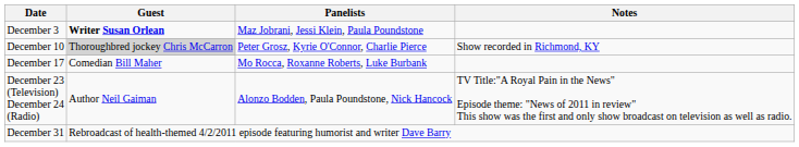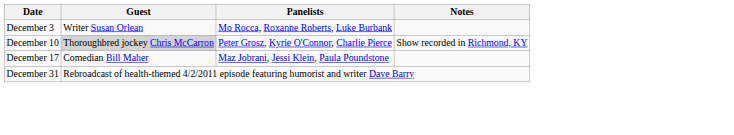 <table class="wikitable">
 <tr>
 <th>Date</th>
 <th>Guest</th>
 <th>Panelists</th>
 <th>Notes</th>
 </tr>
 <tr>
 <td>December 3</td>
-<td><strong>Writer <a href='#'>Susan Orlean</a></strong></td>
-<td><a href='#'>Maz Jobrani</a>, <a href='#'>Jessi Klein</a>, <a href='#'>Paula Poundstone</a></td>
+<td>Writer <a href='#'>Susan Orlean</a></td>
+<td><a href='#'>Mo Rocca</a>, <a href='#'>Roxanne Roberts</a>, <a href='#'>Luke Burbank</a></td>
 <td></td>
 </tr>
 <tr>
 <td>December 10</td>
 <td style="background: lightgrey;">Thoroughbred jockey <a href='#'>Chris McCarron</a></td>
 <td><a href='#'>Peter Grosz</a>, <a href='#'>Kyrie O'Connor</a>, <a href='#'>Charlie Pierce</a></td>
 <td>Show recorded in <a href='#'>Richmond, KY</a></td>
 </tr>
 <tr>
 <td>December 17</td>
 <td>Comedian <a href='#'>Bill Maher</a></td>
-<td><a href='#'>Mo Rocca</a>, <a href='#'>Roxanne Roberts</a>, <a href='#'>Luke Burbank</a></td>
+<td><a href='#'>Maz Jobrani</a>, <a href='#'>Jessi Klein</a>, <a href='#'>Paula Poundstone</a></td>
 <td></td>
-</tr>
-<tr>
-<td>December 23<br>(Television)<br>December 24<br>(Radio)</td>
-<td>Author <a href='#'>Neil Gaiman</a></td>
-<td><a href='#'>Alonzo Bodden</a>, Paula Poundstone, <a href='#'>Nick Hancock</a></td>
-<td>TV Title:"A Royal Pain in the News"<br><br>Episode theme: "News of 2011 in review"<br> This show was the first and only show broadcast on television as well as radio.</td>
 </tr>
 <tr>
 <td>December 31</td>
 <td colspan="3">Rebroadcast of health-themed 4/2/2011 episode featuring humorist and writer <a href='#'>Dave Barry</a></td>
 </tr>
 </table>
